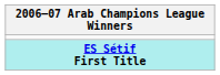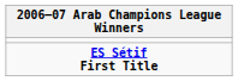 <table class="wikitable" style="text-align: center; margin: 0 auto; width: 20%">
 <tr>
 <th>2006–07 Arab Champions League <br>Winners</th>
 </tr>
 <tr>
 <td></td>
 </tr>
 <tr>
-<td style="background: paleturquoise;"><strong><a href='#'>ES Sétif</a></strong><br><strong>First Title</strong></td>
+<td><strong><a href='#'>ES Sétif</a></strong><br><strong>First Title</strong></td>
 </tr>
 </table>
